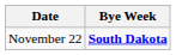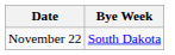 <table class="wikitable" style="font-size:95%;">
 <tr>
 <th>Date</th>
 <th>Bye Week</th>
 </tr>
 <tr>
 <td>November 22</td>
-<td><strong><a href='#'>South Dakota</a></strong></td>
+<td><a href='#'>South Dakota</a></td>
 </tr>
 </table>
